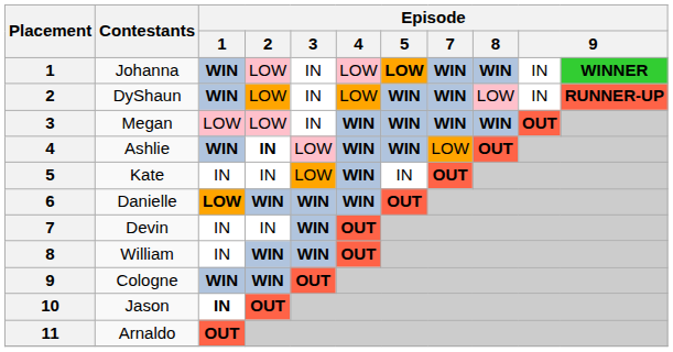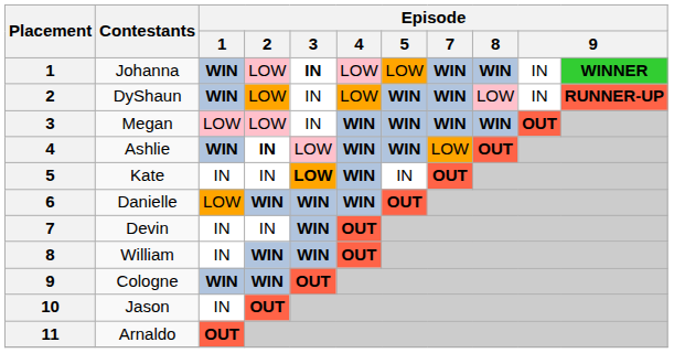 <table class="wikitable" style="text-align:center;" align="center">
 <tr>
 <th rowspan=2>Placement</th>
 <th rowspan=2>Contestants</th>
 <th colspan=10>Episode</th>
 </tr>
 <tr>
 <th>1</th>
 <th>2</th>
 <th>3</th>
 <th>4</th>
 <th>5</th>
 <th>7</th>
 <th>8</th>
 <th colspan=2>9</th>
 </tr>
 <tr>
 <th>1</th>
 <td>Johanna</td>
 <td bgcolor="lightsteelblue"><strong>WIN</strong></td>
 <td bgcolor="pink">LOW</td>
-<td bgcolor="white">IN</td>
+<td bgcolor="white"><strong>IN</strong></td>
 <td bgcolor="pink">LOW</td>
-<td bgcolor="orange"><strong>LOW</strong></td>
+<td bgcolor="orange">LOW</td>
 <td bgcolor="lightsteelblue"><strong>WIN</strong></td>
 <td bgcolor="lightsteelblue"><strong>WIN</strong></td>
 <td bgcolor="white">IN</td>
 <td bgcolor="limegreen"><strong>WINNER</strong></td>
 </tr>
 <tr>
 <th>2</th>
 <td>DyShaun</td>
 <td bgcolor="lightsteelblue"><strong>WIN</strong></td>
 <td bgcolor="orange">LOW</td>
 <td bgcolor="white">IN</td>
 <td bgcolor="orange">LOW</td>
 <td bgcolor="lightsteelblue"><strong>WIN</strong></td>
 <td bgcolor="lightsteelblue"><strong>WIN</strong></td>
 <td bgcolor="pink">LOW</td>
 <td bgcolor="white">IN</td>
 <td bgcolor="tomato"><strong>RUNNER-UP</strong></td>
 </tr>
 <tr>
 <th>3</th>
 <td>Megan</td>
 <td bgcolor="pink">LOW</td>
 <td bgcolor="pink">LOW</td>
 <td bgcolor="white">IN</td>
 <td bgcolor="lightsteelblue"><strong>WIN</strong></td>
 <td bgcolor="lightsteelblue"><strong>WIN</strong></td>
 <td bgcolor="lightsteelblue"><strong>WIN</strong></td>
 <td bgcolor="lightsteelblue"><strong>WIN</strong></td>
 <td bgcolor="tomato"><strong>OUT</strong></td>
 <td bgcolor="#CCCCCC"></td>
 </tr>
 <tr>
 <th>4</th>
 <td>Ashlie</td>
 <td bgcolor="lightsteelblue"><strong>WIN</strong></td>
 <td bgcolor="white"><strong>IN</strong></td>
 <td bgcolor="pink">LOW</td>
 <td bgcolor="lightsteelblue"><strong>WIN</strong></td>
 <td bgcolor="lightsteelblue"><strong>WIN</strong></td>
 <td bgcolor="orange">LOW</td>
 <td bgcolor="tomato"><strong>OUT</strong></td>
 <td bgcolor="#CCCCCC" colspan=2></td>
 </tr>
 <tr>
 <th>5</th>
 <td>Kate</td>
 <td bgcolor="white">IN</td>
 <td bgcolor="white">IN</td>
-<td bgcolor="orange">LOW</td>
+<td bgcolor="orange"><strong>LOW</strong></td>
 <td bgcolor="lightsteelblue"><strong>WIN</strong></td>
 <td bgcolor="white">IN</td>
 <td bgcolor="tomato"><strong>OUT</strong></td>
 <td bgcolor="#CCCCCC" colspan=3></td>
 </tr>
 <tr>
 <th>6</th>
 <td>Danielle</td>
-<td bgcolor="orange"><strong>LOW</strong></td>
+<td bgcolor="orange">LOW</td>
 <td bgcolor="lightsteelblue"><strong>WIN</strong></td>
 <td bgcolor="lightsteelblue"><strong>WIN</strong></td>
 <td bgcolor="lightsteelblue"><strong>WIN</strong></td>
 <td bgcolor="tomato"><strong>OUT</strong></td>
 <td bgcolor="#CCCCCC" colspan=4></td>
 </tr>
 <tr>
 <th>7</th>
 <td>Devin</td>
 <td bgcolor="white">IN</td>
 <td bgcolor="white">IN</td>
 <td bgcolor="lightsteelblue"><strong>WIN</strong></td>
 <td bgcolor="tomato"><strong>OUT</strong></td>
 <td bgcolor="#CCCCCC" colspan=5></td>
 </tr>
 <tr>
 <th>8</th>
 <td>William</td>
 <td bgcolor="white">IN</td>
 <td bgcolor="lightsteelblue"><strong>WIN</strong></td>
 <td bgcolor="lightsteelblue"><strong>WIN</strong></td>
 <td bgcolor="tomato"><strong>OUT</strong></td>
 <td bgcolor="#CCCCCC" colspan=5></td>
 </tr>
 <tr>
 <th>9</th>
 <td>Cologne</td>
 <td bgcolor="lightsteelblue"><strong>WIN</strong></td>
 <td bgcolor="lightsteelblue"><strong>WIN</strong></td>
 <td bgcolor="tomato"><strong>OUT</strong></td>
 <td bgcolor="#CCCCCC" colspan=6></td>
 </tr>
 <tr>
 <th>10</th>
 <td>Jason</td>
-<td bgcolor="white"><strong>IN</strong></td>
+<td bgcolor="white">IN</td>
 <td bgcolor="tomato"><strong>OUT</strong></td>
 <td bgcolor="#CCCCCC" colspan=7></td>
 </tr>
 <tr>
 <th>11</th>
 <td>Arnaldo</td>
 <td bgcolor="tomato"><strong>OUT</strong></td>
 <td bgcolor="#CCCCCC" colspan=8></td>
 </tr>
 <tr>
 </tr>
 </table>
